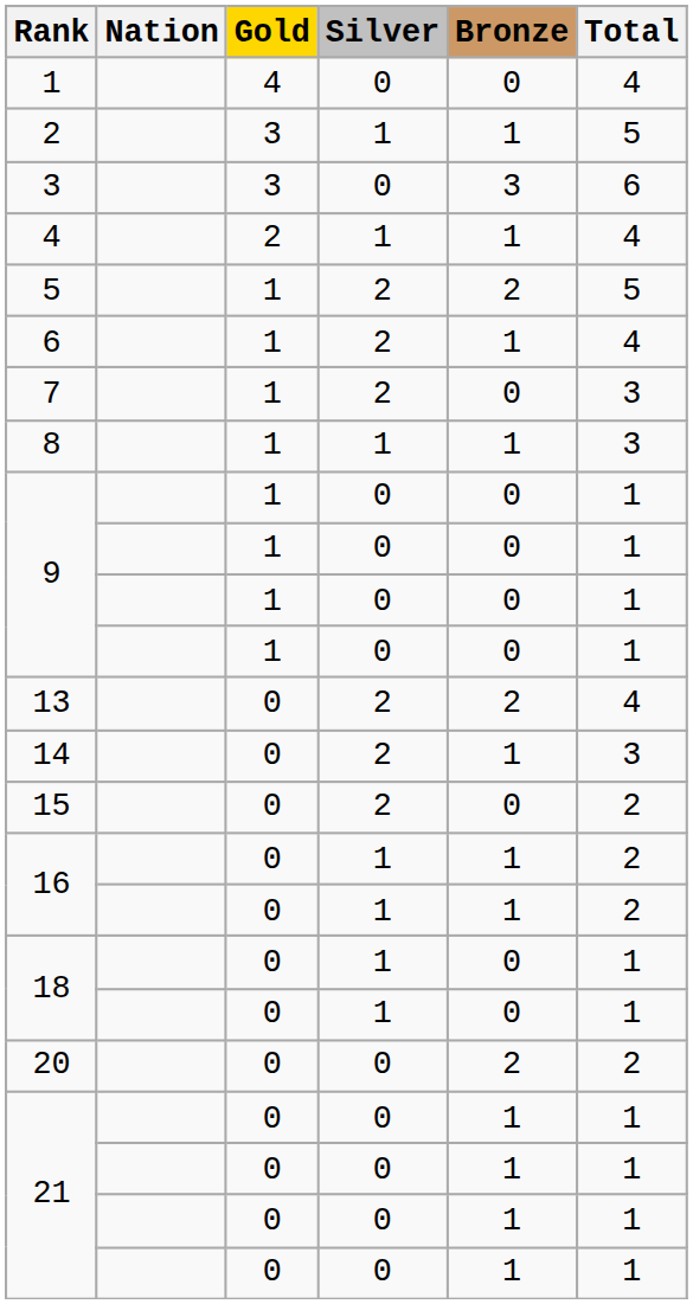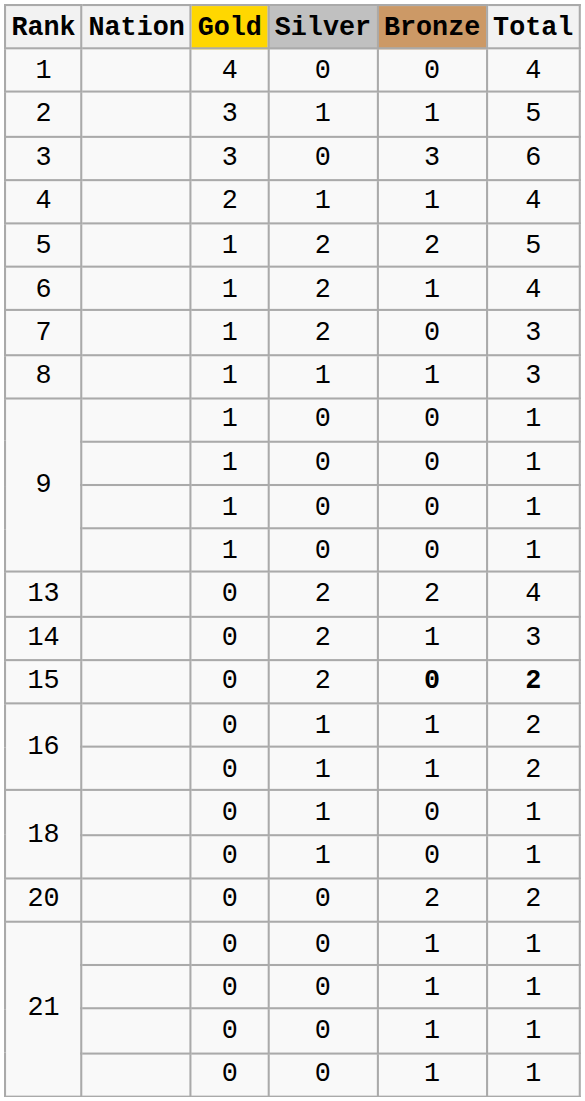 <table class="wikitable sortable" style="text-align:center">
 <tr>
 <th>Rank</th>
 <th>Nation</th>
 <th style="background-color:gold">Gold</th>
 <th style="background-color:silver">Silver</th>
 <th style="background-color:#cc9966">Bronze</th>
 <th>Total</th>
 </tr>
 <tr>
 <td>1</td>
 <td align="left"></td>
 <td>4</td>
 <td>0</td>
 <td>0</td>
 <td>4</td>
 </tr>
 <tr>
 <td>2</td>
 <td align="left"></td>
 <td>3</td>
 <td>1</td>
 <td>1</td>
 <td>5</td>
 </tr>
 <tr>
 <td>3</td>
 <td align="left"></td>
 <td>3</td>
 <td>0</td>
 <td>3</td>
 <td>6</td>
 </tr>
 <tr>
 <td>4</td>
 <td align=left></td>
 <td>2</td>
 <td>1</td>
 <td>1</td>
 <td>4</td>
 </tr>
 <tr>
 <td>5</td>
 <td align=left></td>
 <td>1</td>
 <td>2</td>
 <td>2</td>
 <td>5</td>
 </tr>
 <tr>
 <td>6</td>
 <td align=left></td>
 <td>1</td>
 <td>2</td>
 <td>1</td>
 <td>4</td>
 </tr>
 <tr>
 <td>7</td>
 <td align=left></td>
 <td>1</td>
 <td>2</td>
 <td>0</td>
 <td>3</td>
 </tr>
 <tr>
 <td>8</td>
 <td align=left></td>
 <td>1</td>
 <td>1</td>
 <td>1</td>
 <td>3</td>
 </tr>
 <tr>
 <td rowspan=4>9</td>
 <td align=left></td>
 <td>1</td>
 <td>0</td>
 <td>0</td>
 <td>1</td>
 </tr>
 <tr>
 <td align=left></td>
 <td>1</td>
 <td>0</td>
 <td>0</td>
 <td>1</td>
 </tr>
 <tr>
 <td align=left></td>
 <td>1</td>
 <td>0</td>
 <td>0</td>
 <td>1</td>
 </tr>
 <tr>
 <td align=left></td>
 <td>1</td>
 <td>0</td>
 <td>0</td>
 <td>1</td>
 </tr>
 <tr>
 <td>13</td>
 <td align=left></td>
 <td>0</td>
 <td>2</td>
 <td>2</td>
 <td>4</td>
 </tr>
 <tr>
 <td>14</td>
 <td align=left></td>
 <td>0</td>
 <td>2</td>
 <td>1</td>
 <td>3</td>
 </tr>
 <tr>
 <td>15</td>
 <td align=left></td>
 <td>0</td>
 <td>2</td>
-<td>0</td>
-<td>2</td>
+<td><strong>0</strong></td>
+<td><strong>2</strong></td>
 </tr>
 <tr>
 <td rowspan=2>16</td>
 <td align=left></td>
 <td>0</td>
 <td>1</td>
 <td>1</td>
 <td>2</td>
 </tr>
 <tr>
 <td align=left></td>
 <td>0</td>
 <td>1</td>
 <td>1</td>
 <td>2</td>
 </tr>
 <tr>
 <td rowspan=2>18</td>
 <td align=left></td>
 <td>0</td>
 <td>1</td>
 <td>0</td>
 <td>1</td>
 </tr>
 <tr>
 <td align=left></td>
 <td>0</td>
 <td>1</td>
 <td>0</td>
 <td>1</td>
 </tr>
 <tr>
 <td>20</td>
 <td align=left></td>
 <td>0</td>
 <td>0</td>
 <td>2</td>
 <td>2</td>
 </tr>
 <tr>
 <td rowspan=4>21</td>
 <td align=left></td>
 <td>0</td>
 <td>0</td>
 <td>1</td>
 <td>1</td>
 </tr>
 <tr>
 <td align=left></td>
 <td>0</td>
 <td>0</td>
 <td>1</td>
 <td>1</td>
 </tr>
 <tr>
 <td align=left></td>
 <td>0</td>
 <td>0</td>
 <td>1</td>
 <td>1</td>
 </tr>
 <tr>
 <td align=left></td>
 <td>0</td>
 <td>0</td>
 <td>1</td>
 <td>1</td>
 </tr>
 <tr>
 </tr>
 </table>
